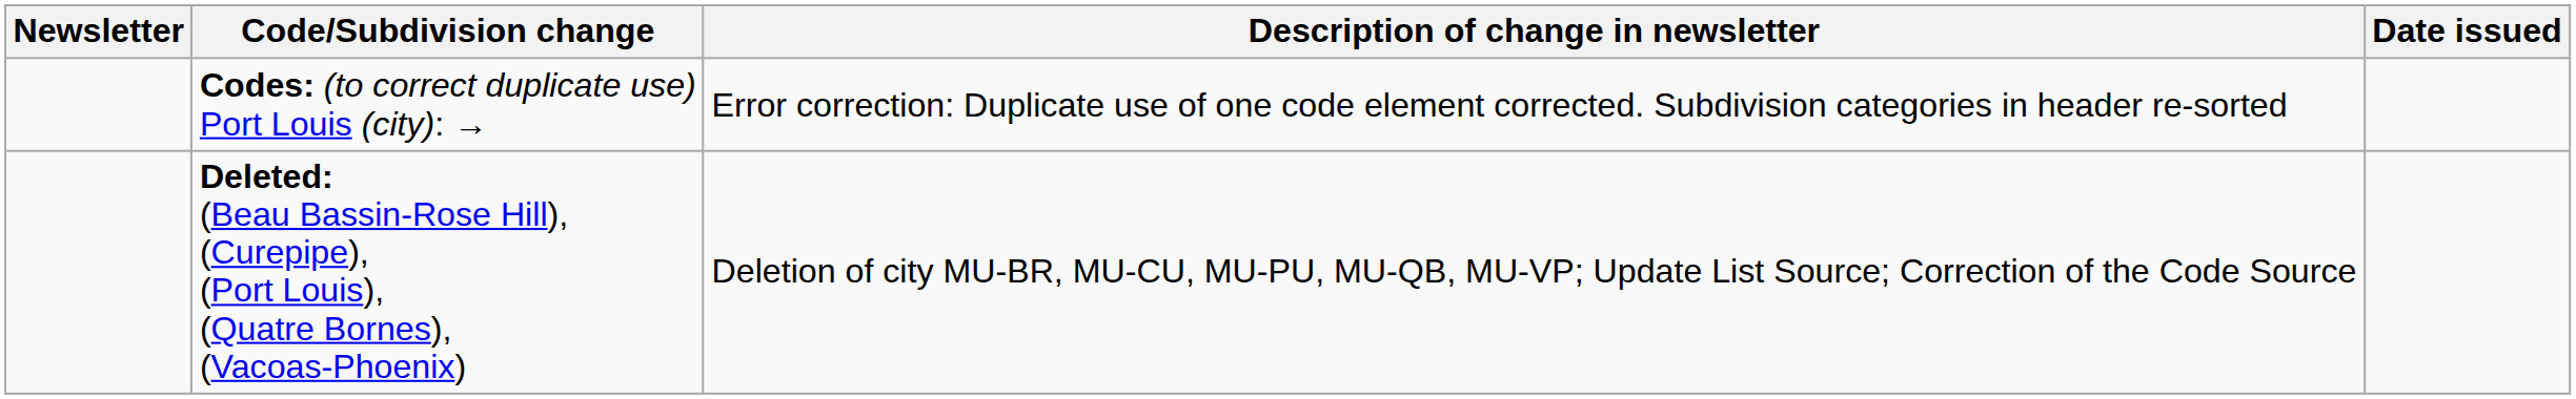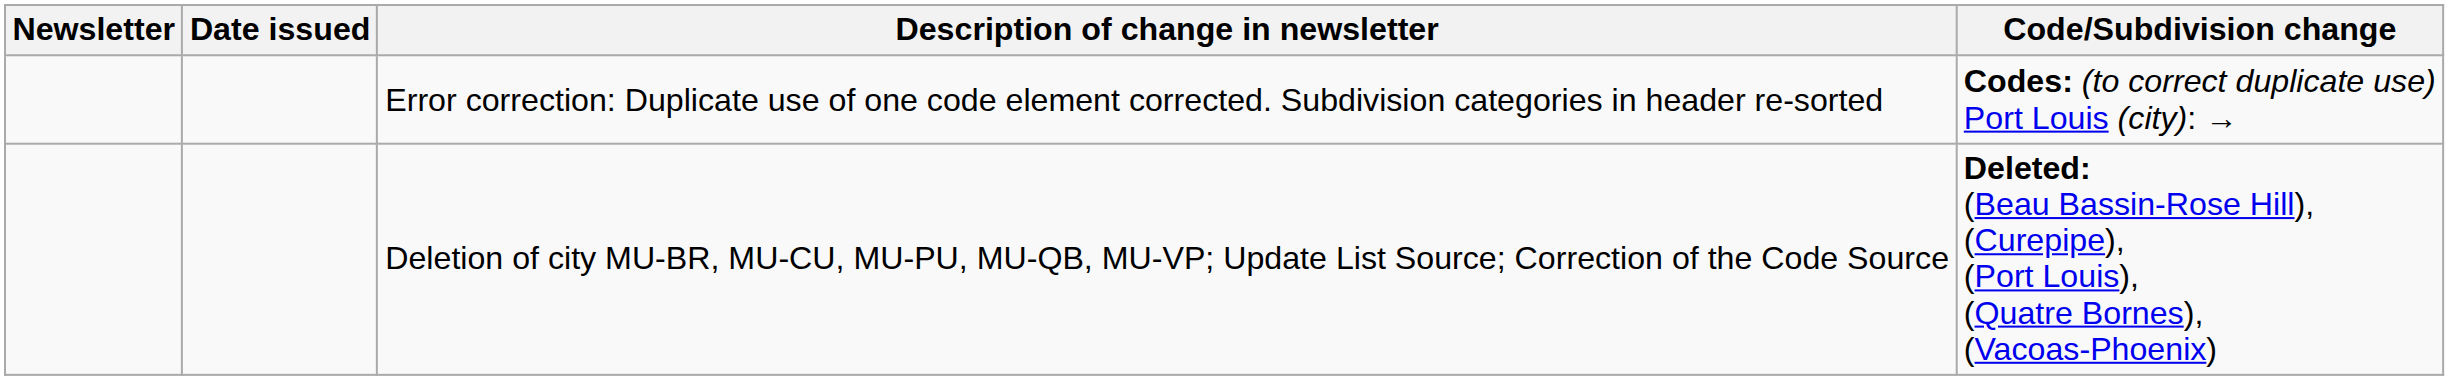 <table class="wikitable">
 <tr>
 <th>Newsletter</th>
+<th>Date issued</th>
+<th>Description of change in newsletter</th>
 <th>Code/Subdivision change</th>
-<th>Description of change in newsletter</th>
-<th>Date issued</th>
 </tr>
 <tr>
 <td id="I-4"></td>
+<td></td>
+<td>Error correction: Duplicate use of one code element corrected. Subdivision categories in header re-sorted</td>
 <td style=white-space:nowrap><strong>Codes:</strong> <em>(to correct duplicate use)</em><br> <a href='#'>Port Louis</a> <em>(city)</em>:  → </td>
-<td>Error correction: Duplicate use of one code element corrected. Subdivision categories in header re-sorted</td>
-<td></td>
 </tr>
 <tr>
 <td id="IOBP"></td>
+<td></td>
+<td>Deletion of city MU-BR, MU-CU, MU-PU, MU-QB, MU-VP; Update List Source; Correction of the Code Source</td>
 <td style=white-space:nowrap><strong>Deleted:</strong><br> (<a href='#'>Beau Bassin-Rose Hill</a>),<br> (<a href='#'>Curepipe</a>),<br> (<a href='#'>Port Louis</a>),<br> (<a href='#'>Quatre Bornes</a>),<br> (<a href='#'>Vacoas-Phoenix</a>)</td>
-<td>Deletion of city MU-BR, MU-CU, MU-PU, MU-QB, MU-VP; Update List Source; Correction of the Code Source</td>
-<td></td>
 </tr>
 </table>
